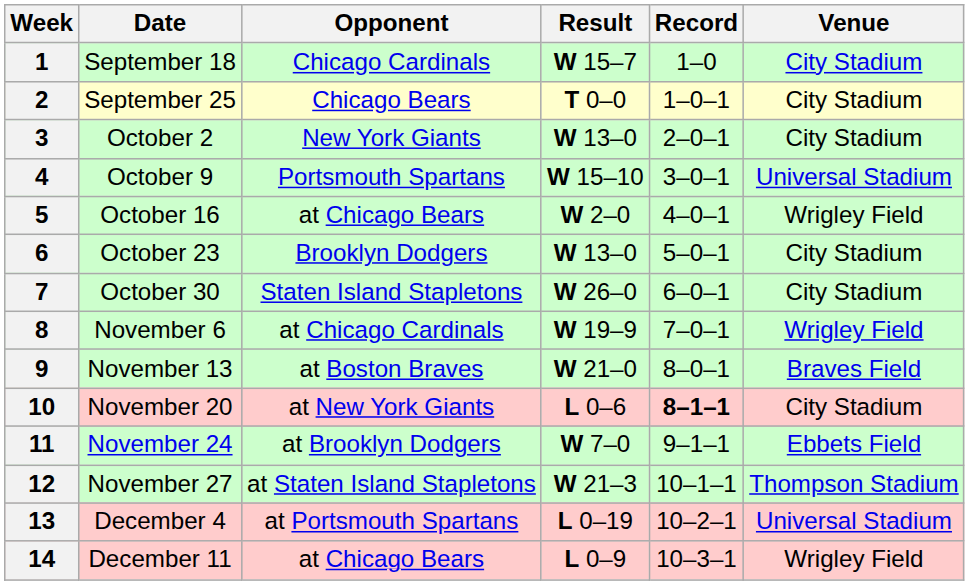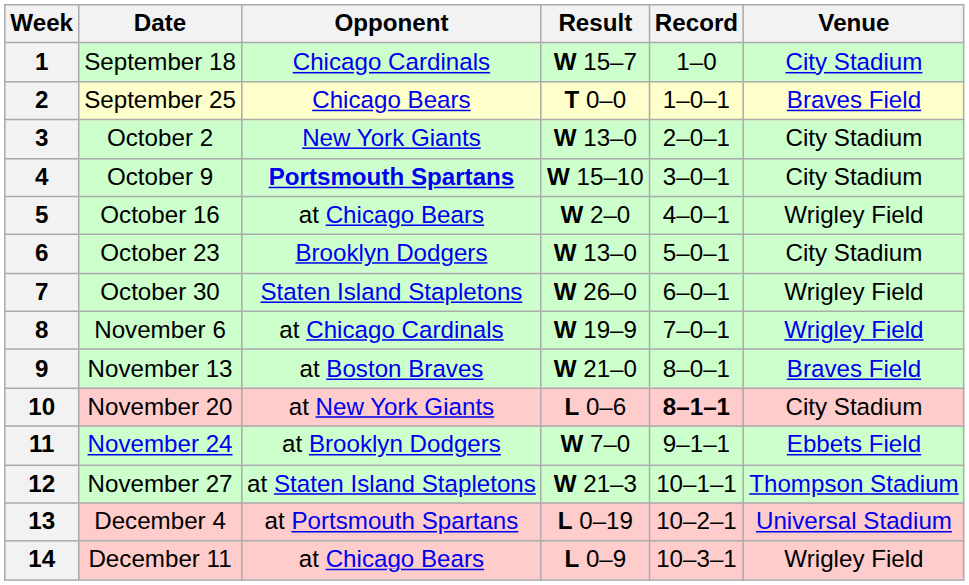 <table class="wikitable" style="text-align:center">
 <tr>
 <th>Week</th>
 <th>Date</th>
 <th>Opponent</th>
 <th>Result</th>
 <th>Record</th>
 <th>Venue</th>
 </tr>
 <tr style="background:#cfc">
 <th>1</th>
 <td>September 18</td>
 <td><a href='#'>Chicago Cardinals</a></td>
 <td><strong>W</strong> 15–7</td>
 <td>1–0</td>
 <td><a href='#'>City Stadium</a></td>
 </tr>
 <tr style="background:#ffc">
 <th>2</th>
 <td>September 25</td>
 <td><a href='#'>Chicago Bears</a></td>
 <td><strong>T</strong> 0–0</td>
 <td>1–0–1</td>
-<td>City Stadium</td>
+<td><a href='#'>Braves Field</a></td>
 </tr>
 <tr style="background:#cfc">
 <th>3</th>
 <td>October 2</td>
 <td><a href='#'>New York Giants</a></td>
 <td><strong>W</strong> 13–0</td>
 <td>2–0–1</td>
 <td>City Stadium</td>
 </tr>
 <tr style="background:#cfc">
 <th>4</th>
 <td>October 9</td>
-<td><a href='#'>Portsmouth Spartans</a></td>
+<td><strong><a href='#'>Portsmouth Spartans</a></strong></td>
 <td><strong>W</strong> 15–10</td>
 <td>3–0–1</td>
-<td><a href='#'>Universal Stadium</a></td>
+<td>City Stadium</td>
 </tr>
 <tr style="background:#cfc">
 <th>5</th>
 <td>October 16</td>
 <td>at <a href='#'>Chicago Bears</a></td>
 <td><strong>W</strong> 2–0</td>
 <td>4–0–1</td>
 <td>Wrigley Field</td>
 </tr>
 <tr style="background:#cfc">
 <th>6</th>
 <td>October 23</td>
 <td><a href='#'>Brooklyn Dodgers</a></td>
 <td><strong>W</strong> 13–0</td>
 <td>5–0–1</td>
 <td>City Stadium</td>
 </tr>
 <tr style="background:#cfc">
 <th>7</th>
 <td>October 30</td>
 <td><a href='#'>Staten Island Stapletons</a></td>
 <td><strong>W</strong> 26–0</td>
 <td>6–0–1</td>
-<td>City Stadium</td>
+<td>Wrigley Field</td>
 </tr>
 <tr style="background:#cfc">
 <th>8</th>
 <td>November 6</td>
 <td>at <a href='#'>Chicago Cardinals</a></td>
 <td><strong>W</strong> 19–9</td>
 <td>7–0–1</td>
 <td><a href='#'>Wrigley Field</a></td>
 </tr>
 <tr style="background:#cfc">
 <th>9</th>
 <td>November 13</td>
 <td>at <a href='#'>Boston Braves</a></td>
 <td><strong>W</strong> 21–0</td>
 <td>8–0–1</td>
 <td><a href='#'>Braves Field</a></td>
 </tr>
 <tr style="background:#fcc">
 <th>10</th>
 <td>November 20</td>
 <td>at <a href='#'>New York Giants</a></td>
 <td><strong>L</strong> 0–6</td>
 <td><strong>8–1–1</strong></td>
 <td>City Stadium</td>
 </tr>
 <tr style="background:#cfc">
 <th>11</th>
 <td><a href='#'>November 24</a></td>
 <td>at <a href='#'>Brooklyn Dodgers</a></td>
 <td><strong>W</strong> 7–0</td>
 <td>9–1–1</td>
 <td><a href='#'>Ebbets Field</a></td>
 </tr>
 <tr style="background:#cfc">
 <th>12</th>
 <td>November 27</td>
 <td>at <a href='#'>Staten Island Stapletons</a></td>
 <td><strong>W</strong> 21–3</td>
 <td>10–1–1</td>
 <td><a href='#'>Thompson Stadium</a></td>
 </tr>
 <tr style="background:#fcc">
 <th>13</th>
 <td>December 4</td>
 <td>at <a href='#'>Portsmouth Spartans</a></td>
 <td><strong>L</strong> 0–19</td>
 <td>10–2–1</td>
 <td><a href='#'>Universal Stadium</a></td>
 </tr>
 <tr style="background:#fcc">
 <th>14</th>
 <td>December 11</td>
 <td>at <a href='#'>Chicago Bears</a></td>
 <td><strong>L</strong> 0–9</td>
 <td>10–3–1</td>
 <td>Wrigley Field</td>
 </tr>
 </table>
